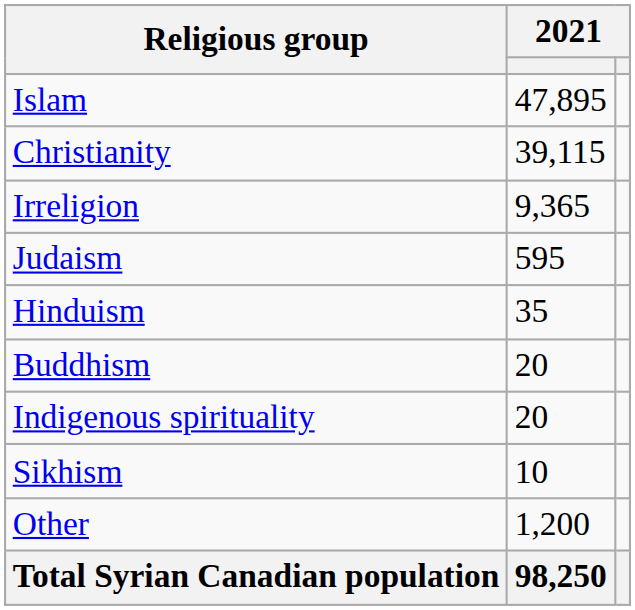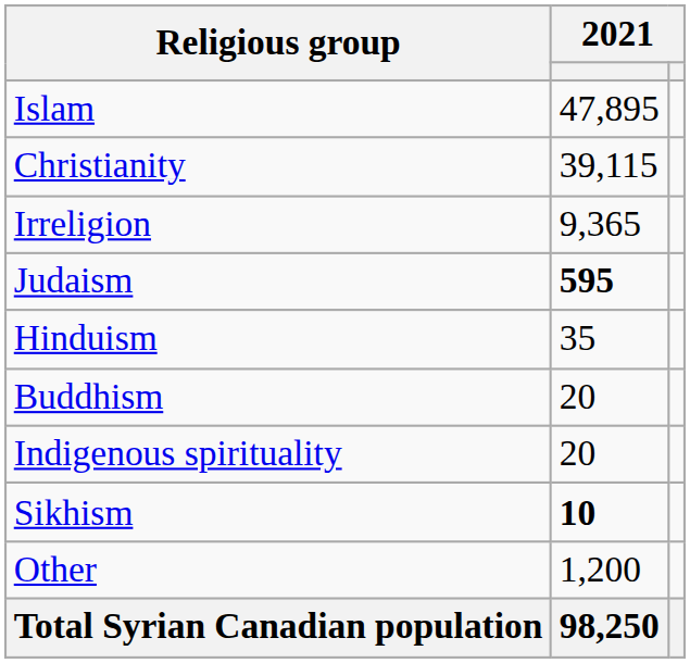 <table class="wikitable sortable">
 <tr>
 <th rowspan="2">Religious group</th>
 <th colspan="2">2021</th>
 </tr>
 <tr>
 <th><a href='#'></a></th>
 <th></th>
 </tr>
 <tr>
 <td><a href='#'>Islam</a></td>
 <td>47,895</td>
 <td></td>
 </tr>
 <tr>
 <td><a href='#'>Christianity</a></td>
 <td>39,115</td>
 <td></td>
 </tr>
 <tr>
 <td><a href='#'>Irreligion</a></td>
 <td>9,365</td>
 <td></td>
 </tr>
 <tr>
 <td><a href='#'>Judaism</a></td>
-<td>595</td>
+<td><strong>595</strong></td>
 <td></td>
 </tr>
 <tr>
 <td><a href='#'>Hinduism</a></td>
 <td>35</td>
 <td></td>
 </tr>
 <tr>
 <td><a href='#'>Buddhism</a></td>
 <td>20</td>
 <td></td>
 </tr>
 <tr>
 <td><a href='#'>Indigenous spirituality</a></td>
 <td>20</td>
 <td></td>
 </tr>
 <tr>
 <td><a href='#'>Sikhism</a></td>
-<td>10</td>
+<td><strong>10</strong></td>
 <td></td>
 </tr>
 <tr>
 <td><a href='#'>Other</a></td>
 <td>1,200</td>
 <td></td>
 </tr>
 <tr>
 <th>Total Syrian Canadian population</th>
 <th>98,250</th>
 <th></th>
 </tr>
 </table>
